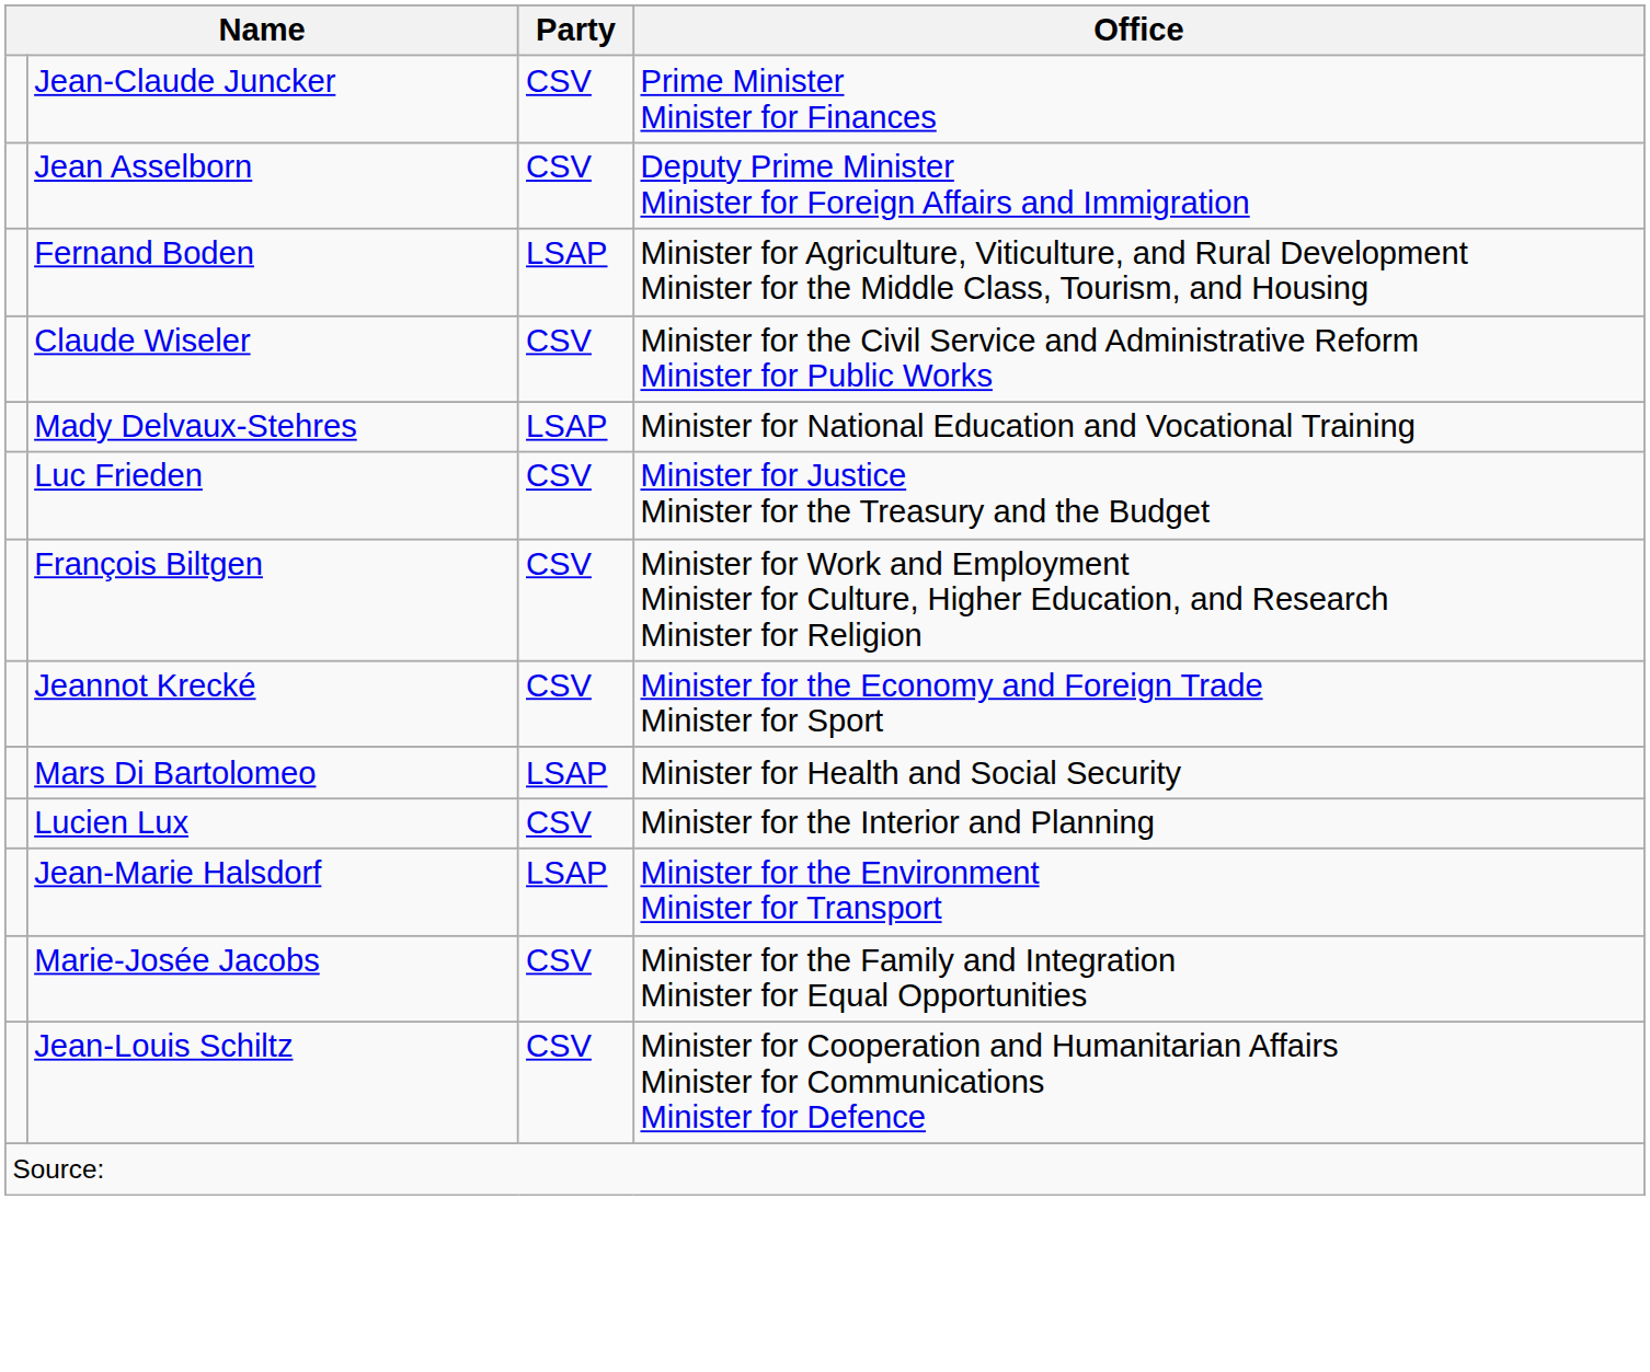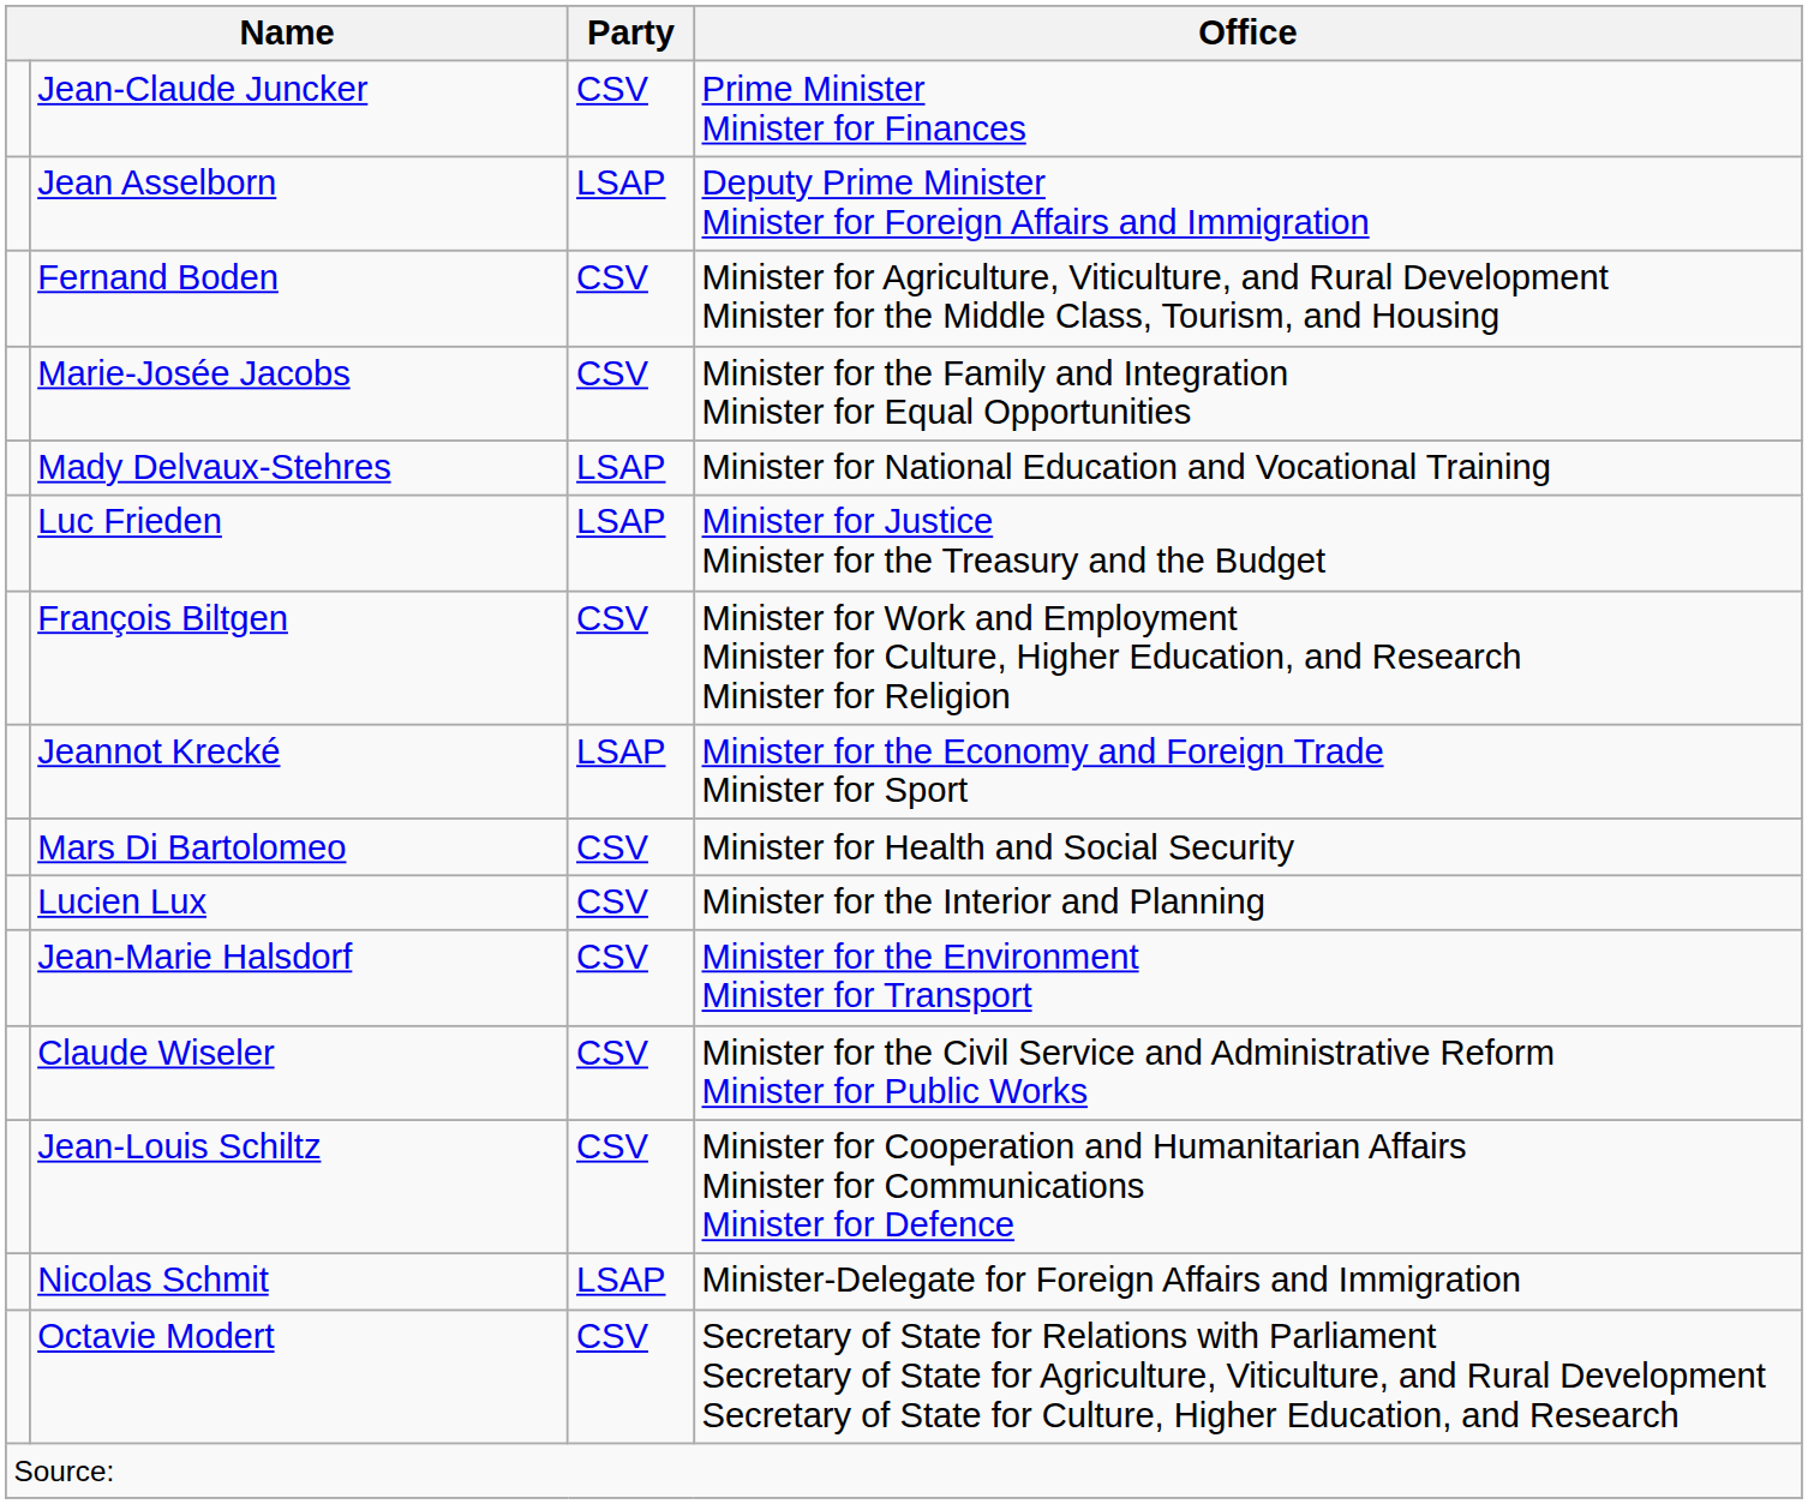 <table class="wikitable">
 <tr>
 <th colspan=2 width=250px>Name</th>
 <th width=50px>Party</th>
 <th width=500px>Office</th>
 </tr>
 <tr>
 <td style="background-color: "></td>
 <td valign=top><a href='#'>Jean-Claude Juncker</a></td>
 <td valign=top><a href='#'>CSV</a></td>
 <td><a href='#'>Prime Minister</a> <br> <a href='#'>Minister for Finances</a></td>
 </tr>
 <tr>
 <td style="background-color: "></td>
 <td valign=top><a href='#'>Jean Asselborn</a></td>
-<td valign=top><a href='#'>CSV</a></td>
+<td valign=top><a href='#'>LSAP</a></td>
 <td><a href='#'>Deputy Prime Minister</a> <br> <a href='#'>Minister for Foreign Affairs and Immigration</a></td>
 </tr>
 <tr>
 <td style="background-color: "></td>
 <td valign=top><a href='#'>Fernand Boden</a></td>
-<td valign=top><a href='#'>LSAP</a></td>
+<td valign=top><a href='#'>CSV</a></td>
 <td>Minister for Agriculture, Viticulture, and Rural Development <br> Minister for the Middle Class, Tourism, and Housing</td>
 </tr>
 <tr>
 <td style="background-color: "></td>
-<td valign=top><a href='#'>Claude Wiseler</a></td>
+<td valign=top><a href='#'>Marie-Josée Jacobs</a></td>
 <td valign=top><a href='#'>CSV</a></td>
-<td>Minister for the Civil Service and Administrative Reform <br> <a href='#'>Minister for Public Works</a></td>
+<td>Minister for the Family and Integration <br> Minister for Equal Opportunities</td>
 </tr>
 <tr>
 <td style="background-color: "></td>
 <td valign=top><a href='#'>Mady Delvaux-Stehres</a></td>
 <td valign=top><a href='#'>LSAP</a></td>
 <td>Minister for National Education and Vocational Training</td>
 </tr>
 <tr>
 <td style="background-color: "></td>
 <td valign=top><a href='#'>Luc Frieden</a></td>
-<td valign=top><a href='#'>CSV</a></td>
+<td valign=top><a href='#'>LSAP</a></td>
 <td><a href='#'>Minister for Justice</a> <br> Minister for the Treasury and the Budget</td>
 </tr>
 <tr>
 <td style="background-color: "></td>
 <td valign=top><a href='#'>François Biltgen</a></td>
 <td valign=top><a href='#'>CSV</a></td>
 <td>Minister for Work and Employment <br> Minister for Culture, Higher Education, and Research <br> Minister for Religion</td>
 </tr>
 <tr>
 <td style="background-color: "></td>
 <td valign=top><a href='#'>Jeannot Krecké</a></td>
-<td valign=top><a href='#'>CSV</a></td>
+<td valign=top><a href='#'>LSAP</a></td>
 <td><a href='#'>Minister for the Economy and Foreign Trade</a> <br> Minister for Sport</td>
 </tr>
 <tr>
 <td style="background-color: "></td>
 <td valign=top><a href='#'>Mars Di Bartolomeo</a></td>
-<td valign=top><a href='#'>LSAP</a></td>
+<td valign=top><a href='#'>CSV</a></td>
 <td>Minister for Health and Social Security</td>
 </tr>
 <tr>
 <td style="background-color: "></td>
 <td valign=top><a href='#'>Lucien Lux</a></td>
 <td valign=top><a href='#'>CSV</a></td>
 <td>Minister for the Interior and Planning</td>
 </tr>
 <tr>
 <td style="background-color: "></td>
 <td valign=top><a href='#'>Jean-Marie Halsdorf</a></td>
-<td valign=top><a href='#'>LSAP</a></td>
+<td valign=top><a href='#'>CSV</a></td>
 <td><a href='#'>Minister for the Environment</a> <br> <a href='#'>Minister for Transport</a></td>
 </tr>
 <tr>
 <td style="background-color: "></td>
-<td valign=top><a href='#'>Marie-Josée Jacobs</a></td>
+<td valign=top><a href='#'>Claude Wiseler</a></td>
 <td valign=top><a href='#'>CSV</a></td>
-<td>Minister for the Family and Integration <br> Minister for Equal Opportunities</td>
+<td>Minister for the Civil Service and Administrative Reform <br> <a href='#'>Minister for Public Works</a></td>
 </tr>
 <tr>
 <td style="background-color: "></td>
 <td valign=top><a href='#'>Jean-Louis Schiltz</a></td>
 <td valign=top><a href='#'>CSV</a></td>
 <td>Minister for Cooperation and Humanitarian Affairs <br> Minister for Communications <br> <a href='#'>Minister for Defence</a></td>
 </tr>
 <tr>
+<td style="background-color: "></td>
+<td valign=top><a href='#'>Nicolas Schmit</a></td>
+<td valign=top><a href='#'>LSAP</a></td>
+<td>Minister-Delegate for Foreign Affairs and Immigration</td>
+</tr>
+<tr>
+<td style="background-color: "></td>
+<td valign=top><a href='#'>Octavie Modert</a></td>
+<td valign=top><a href='#'>CSV</a></td>
+<td>Secretary of State for Relations with Parliament <br> Secretary of State for Agriculture, Viticulture, and Rural Development <br> Secretary of State for Culture, Higher Education, and Research</td>
+</tr>
+<tr>
 <td colspan=4><small>Source: </small></td>
 </tr>
 </table>
